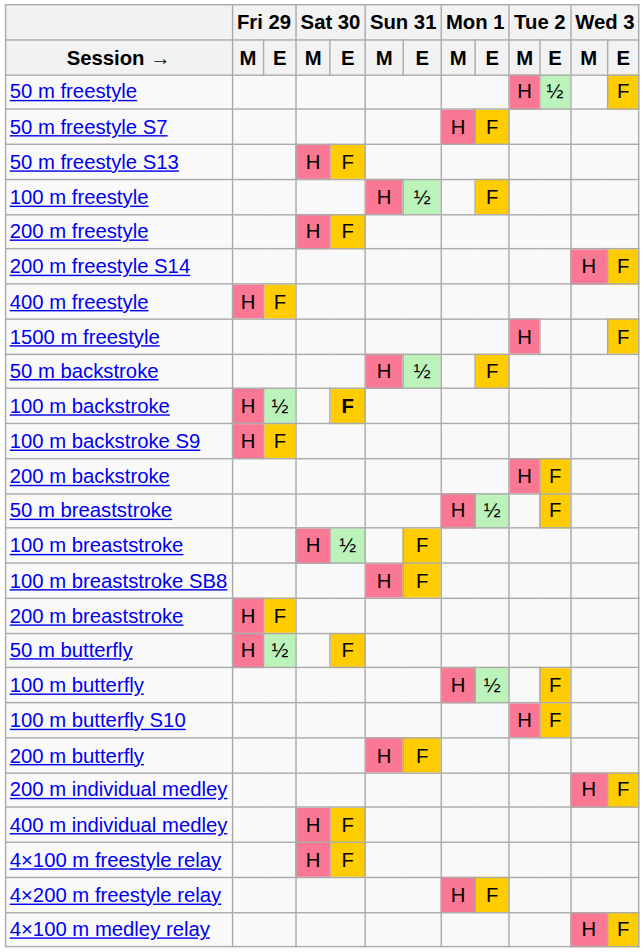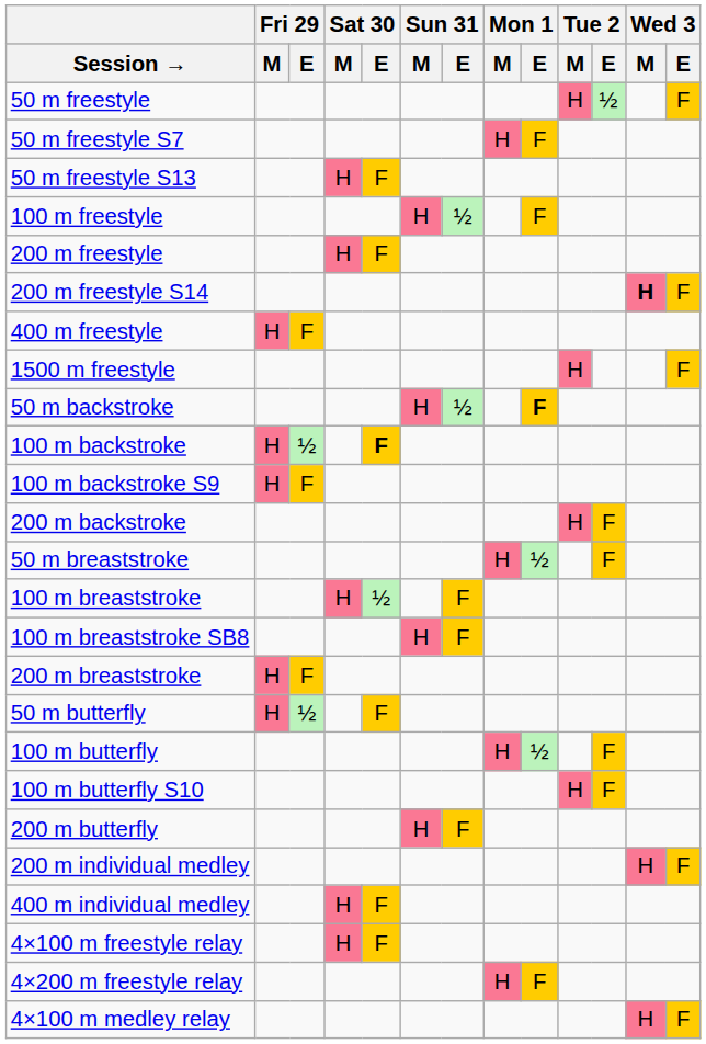 <table class="wikitable" style="margin:0.5em auto; font-size:90%; line-height:1.25em; text-align:center;">
 <tr>
 <th></th>
 <th colspan=2>Fri 29</th>
 <th colspan=2>Sat 30</th>
 <th colspan=2>Sun 31</th>
 <th colspan=2>Mon 1</th>
 <th colspan=2>Tue 2</th>
 <th colspan=2>Wed 3</th>
 </tr>
 <tr>
 <th>Session →</th>
 <th>M</th>
 <th>E</th>
 <th>M</th>
 <th>E</th>
 <th>M</th>
 <th>E</th>
 <th>M</th>
 <th>E</th>
 <th>M</th>
 <th>E</th>
 <th>M</th>
 <th>E</th>
 </tr>
 <tr>
 <td align=left><a href='#'>50 m freestyle</a></td>
 <td colspan=2></td>
 <td colspan=2></td>
 <td colspan=2></td>
 <td colspan=2></td>
 <td style="background-color:#FA7894;">H</td>
 <td style="background-color:#BBF3BB;">½</td>
 <td></td>
 <td style="background-color:#FFCC00;">F</td>
 </tr>
 <tr>
 <td align=left><a href='#'>50 m freestyle S7</a></td>
 <td colspan=2></td>
 <td colspan=2></td>
 <td colspan=2></td>
 <td style="background-color:#FA7894;">H</td>
 <td style="background-color:#FFCC00;">F</td>
 <td colspan=2></td>
 <td colspan=2></td>
 </tr>
 <tr>
 <td align=left><a href='#'>50 m freestyle S13</a></td>
 <td colspan=2></td>
 <td style="background-color:#FA7894;">H</td>
 <td style="background-color:#FFCC00;">F</td>
 <td colspan=2></td>
 <td colspan=2></td>
 <td colspan=2></td>
 <td colspan=2></td>
 </tr>
 <tr>
 <td align=left><a href='#'>100 m freestyle</a></td>
 <td colspan=2></td>
 <td colspan=2></td>
 <td style="background-color:#FA7894;">H</td>
 <td style="background-color:#BBF3BB;">½</td>
 <td></td>
 <td style="background-color:#FFCC00;">F</td>
 <td colspan=2></td>
 <td colspan=2></td>
 </tr>
 <tr>
 <td align=left><a href='#'>200 m freestyle</a></td>
 <td colspan=2></td>
 <td style="background-color:#FA7894;">H</td>
 <td style="background-color:#FFCC00;">F</td>
 <td colspan=2></td>
 <td colspan=2></td>
 <td colspan=2></td>
 <td colspan=2></td>
 </tr>
 <tr>
 <td align=left><a href='#'>200 m freestyle S14</a></td>
 <td colspan=2></td>
 <td colspan=2></td>
 <td colspan=2></td>
 <td colspan=2></td>
 <td colspan=2></td>
-<td style="background-color:#FA7894;">H</td>
+<td style="background-color:#FA7894;"><strong>H</strong></td>
 <td style="background-color:#FFCC00;">F</td>
 </tr>
 <tr>
 <td align=left><a href='#'>400 m freestyle</a></td>
 <td style="background-color:#FA7894;">H</td>
 <td style="background-color:#FFCC00;">F</td>
 <td colspan=2></td>
 <td colspan=2></td>
 <td colspan=2></td>
 <td colspan=2></td>
 <td colspan=2></td>
 </tr>
 <tr>
 <td align=left><a href='#'>1500 m freestyle</a></td>
 <td colspan=2></td>
 <td colspan=2></td>
 <td colspan=2></td>
 <td colspan=2></td>
 <td style="background-color:#FA7894;">H</td>
 <td></td>
 <td></td>
 <td style="background-color:#FFCC00;">F</td>
 </tr>
 <tr>
 <td align=left><a href='#'>50 m backstroke</a></td>
 <td colspan=2></td>
 <td colspan=2></td>
 <td style="background-color:#FA7894;">H</td>
 <td style="background-color:#BBF3BB;">½</td>
 <td></td>
-<td style="background-color:#FFCC00;">F</td>
+<td style="background-color:#FFCC00;"><strong>F</strong></td>
 <td colspan=2></td>
 <td colspan=2></td>
 </tr>
 <tr>
 <td align=left><a href='#'>100 m backstroke</a></td>
 <td style="background-color:#FA7894;">H</td>
 <td style="background-color:#BBF3BB;">½</td>
 <td></td>
 <td style="background-color:#FFCC00;"><strong>F</strong></td>
 <td colspan=2></td>
 <td colspan=2></td>
 <td colspan=2></td>
 <td colspan=2></td>
 </tr>
 <tr>
 <td align=left><a href='#'>100 m backstroke S9</a></td>
 <td style="background-color:#FA7894;">H</td>
 <td style="background-color:#FFCC00;">F</td>
 <td colspan=2></td>
 <td colspan=2></td>
 <td colspan=2></td>
 <td colspan=2></td>
 <td colspan=2></td>
 </tr>
 <tr>
 <td align=left><a href='#'>200 m backstroke</a></td>
 <td colspan=2></td>
 <td colspan=2></td>
 <td colspan=2></td>
 <td colspan=2></td>
 <td style="background-color:#FA7894;">H</td>
 <td style="background-color:#FFCC00;">F</td>
 <td colspan=2></td>
 </tr>
 <tr>
 <td align=left><a href='#'>50 m breaststroke</a></td>
 <td colspan=2></td>
 <td colspan=2></td>
 <td colspan=2></td>
 <td style="background-color:#FA7894;">H</td>
 <td style="background-color:#BBF3BB;">½</td>
 <td></td>
 <td style="background-color:#FFCC00;">F</td>
 <td colspan=2></td>
 </tr>
 <tr>
 <td align=left><a href='#'>100 m breaststroke</a></td>
 <td colspan=2></td>
 <td style="background-color:#FA7894;">H</td>
 <td style="background-color:#BBF3BB;">½</td>
 <td></td>
 <td style="background-color:#FFCC00;">F</td>
 <td colspan=2></td>
 <td colspan=2></td>
 <td colspan=2></td>
 </tr>
 <tr>
 <td align=left><a href='#'>100 m breaststroke SB8</a></td>
 <td colspan=2></td>
 <td colspan=2></td>
 <td style="background-color:#FA7894;">H</td>
 <td style="background-color:#FFCC00;">F</td>
 <td colspan=2></td>
 <td colspan=2></td>
 <td colspan=2></td>
 </tr>
 <tr>
 <td align=left><a href='#'>200 m breaststroke</a></td>
 <td style="background-color:#FA7894;">H</td>
 <td style="background-color:#FFCC00;">F</td>
 <td colspan=2></td>
 <td colspan=2></td>
 <td colspan=2></td>
 <td colspan=2></td>
 <td colspan=2></td>
 </tr>
 <tr>
 <td align=left><a href='#'>50 m butterfly</a></td>
 <td style="background-color:#FA7894;">H</td>
 <td style="background-color:#BBF3BB;">½</td>
 <td></td>
 <td style="background-color:#FFCC00;">F</td>
 <td colspan=2></td>
 <td colspan=2></td>
 <td colspan=2></td>
 <td colspan=2></td>
 </tr>
 <tr>
 <td align=left><a href='#'>100 m butterfly</a></td>
 <td colspan=2></td>
 <td colspan=2></td>
 <td colspan=2></td>
 <td style="background-color:#FA7894;">H</td>
 <td style="background-color:#BBF3BB;">½</td>
 <td></td>
 <td style="background-color:#FFCC00;">F</td>
 <td colspan=2></td>
 </tr>
 <tr>
 <td align=left><a href='#'>100 m butterfly S10</a></td>
 <td colspan=2></td>
 <td colspan=2></td>
 <td colspan=2></td>
 <td colspan=2></td>
 <td style="background-color:#FA7894;">H</td>
 <td style="background-color:#FFCC00;">F</td>
 <td colspan=2></td>
 </tr>
 <tr>
 <td align=left><a href='#'>200 m butterfly</a></td>
 <td colspan=2></td>
 <td colspan=2></td>
 <td style="background-color:#FA7894;">H</td>
 <td style="background-color:#FFCC00;">F</td>
 <td colspan=2></td>
 <td colspan=2></td>
 <td colspan=2></td>
 </tr>
 <tr>
 <td align=left><a href='#'>200 m individual medley</a></td>
 <td colspan=2></td>
 <td colspan=2></td>
 <td colspan=2></td>
 <td colspan=2></td>
 <td colspan=2></td>
 <td style="background-color:#FA7894;">H</td>
 <td style="background-color:#FFCC00;">F</td>
 </tr>
 <tr>
 <td align=left><a href='#'>400 m individual medley</a></td>
 <td colspan=2></td>
 <td style="background-color:#FA7894;">H</td>
 <td style="background-color:#FFCC00;">F</td>
 <td colspan=2></td>
 <td colspan=2></td>
 <td colspan=2></td>
 <td colspan=2></td>
 </tr>
 <tr>
 <td align=left><a href='#'>4×100 m freestyle relay</a></td>
 <td colspan=2></td>
 <td style="background-color:#FA7894;">H</td>
 <td style="background-color:#FFCC00;">F</td>
 <td colspan=2></td>
 <td colspan=2></td>
 <td colspan=2></td>
 <td colspan=2></td>
 </tr>
 <tr>
 <td align=left><a href='#'>4×200 m freestyle relay</a></td>
 <td colspan=2></td>
 <td colspan=2></td>
 <td colspan=2></td>
 <td style="background-color:#FA7894;">H</td>
 <td style="background-color:#FFCC00;">F</td>
 <td colspan=2></td>
 <td colspan=2></td>
 </tr>
 <tr>
 <td align=left><a href='#'>4×100 m medley relay</a></td>
 <td colspan=2></td>
 <td colspan=2></td>
 <td colspan=2></td>
 <td colspan=2></td>
 <td colspan=2></td>
 <td style="background-color:#FA7894;">H</td>
 <td style="background-color:#FFCC00;">F</td>
 </tr>
 </table>
